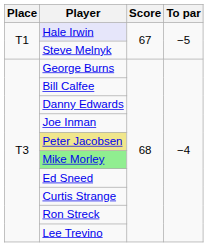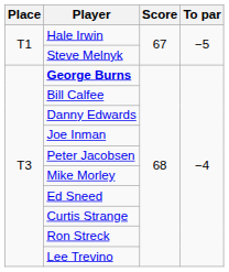 <table class="wikitable">
 <tr>
 <th>Place</th>
 <th>Player</th>
 <th>Score</th>
 <th>To par</th>
 </tr>
 <tr>
 <td rowspan=2 align=center>T1</td>
-<td style="background: lavender;"> <a href='#'>Hale Irwin</a></td>
+<td> <a href='#'>Hale Irwin</a></td>
 <td rowspan=2 align=center>67</td>
 <td rowspan=2 align=center>−5</td>
 </tr>
 <tr>
 <td> <a href='#'>Steve Melnyk</a></td>
 </tr>
 <tr>
 <td rowspan=10 align=center>T3</td>
-<td> <a href='#'>George Burns</a></td>
+<td><strong> <a href='#'>George Burns</a></strong></td>
 <td rowspan=10 align=center>68</td>
 <td rowspan=10 align=center>−4</td>
 </tr>
 <tr>
 <td> <a href='#'>Bill Calfee</a></td>
 </tr>
 <tr>
 <td> <a href='#'>Danny Edwards</a></td>
 </tr>
 <tr>
 <td> <a href='#'>Joe Inman</a></td>
 </tr>
 <tr>
-<td style="background: khaki;"> <a href='#'>Peter Jacobsen</a></td>
+<td> <a href='#'>Peter Jacobsen</a></td>
 </tr>
 <tr>
-<td style="background: lightgreen;"> <a href='#'>Mike Morley</a></td>
+<td> <a href='#'>Mike Morley</a></td>
 </tr>
 <tr>
 <td> <a href='#'>Ed Sneed</a></td>
 </tr>
 <tr>
 <td> <a href='#'>Curtis Strange</a></td>
 </tr>
 <tr>
 <td> <a href='#'>Ron Streck</a></td>
 </tr>
 <tr>
 <td> <a href='#'>Lee Trevino</a></td>
 </tr>
 </table>
